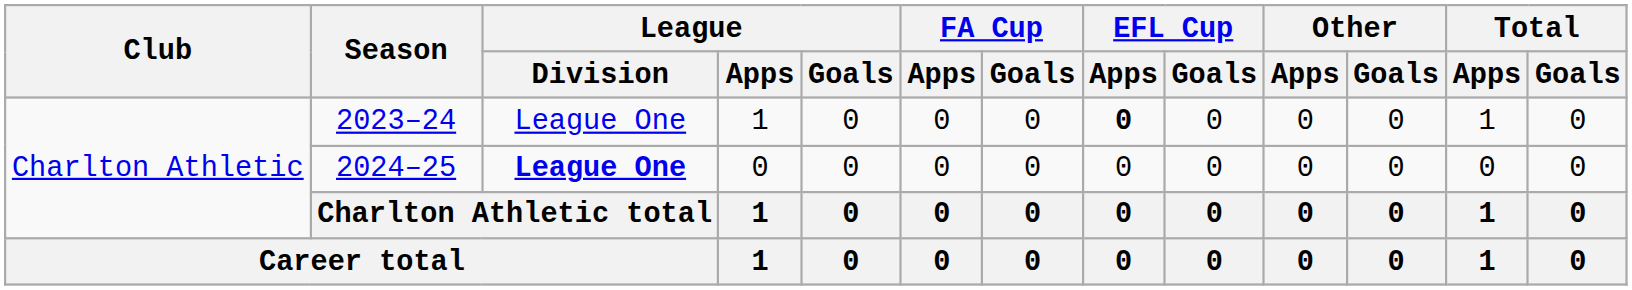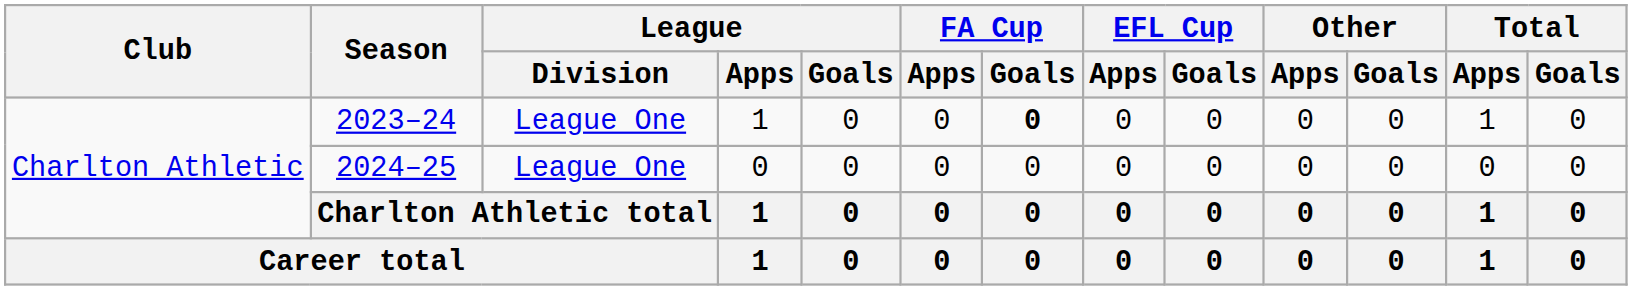 <table class="wikitable" style="text-align:center;">
 <tr>
 <th rowspan="2">Club</th>
 <th rowspan="2">Season</th>
 <th colspan="3">League</th>
 <th colspan="2"><a href='#'>FA Cup</a></th>
 <th colspan="2"><a href='#'>EFL Cup</a></th>
 <th colspan="2">Other</th>
 <th colspan="2">Total</th>
 </tr>
 <tr>
 <th>Division</th>
 <th>Apps</th>
 <th>Goals</th>
 <th>Apps</th>
 <th>Goals</th>
 <th>Apps</th>
 <th>Goals</th>
 <th>Apps</th>
 <th>Goals</th>
 <th>Apps</th>
 <th>Goals</th>
 </tr>
 <tr>
 <td rowspan="3"><a href='#'>Charlton Athletic</a></td>
 <td><a href='#'>2023–24</a></td>
 <td><a href='#'>League One</a></td>
 <td>1</td>
 <td>0</td>
 <td>0</td>
+<td><strong>0</strong></td>
 <td>0</td>
-<td><strong>0</strong></td>
 <td>0</td>
 <td>0</td>
 <td>0</td>
 <td>1</td>
 <td>0</td>
 </tr>
 <tr>
 <td><a href='#'>2024–25</a></td>
-<td><strong><a href='#'>League One</a></strong></td>
+<td><a href='#'>League One</a></td>
 <td>0</td>
 <td>0</td>
 <td>0</td>
 <td>0</td>
 <td>0</td>
 <td>0</td>
 <td>0</td>
 <td>0</td>
 <td>0</td>
 <td>0</td>
 </tr>
 <tr>
 <th colspan=2>Charlton Athletic total</th>
 <th>1</th>
 <th>0</th>
 <th>0</th>
 <th>0</th>
 <th>0</th>
 <th>0</th>
 <th>0</th>
 <th>0</th>
 <th>1</th>
 <th>0</th>
 </tr>
 <tr>
 <th colspan="3">Career total</th>
 <th>1</th>
 <th>0</th>
 <th>0</th>
 <th>0</th>
 <th>0</th>
 <th>0</th>
 <th>0</th>
 <th>0</th>
 <th>1</th>
 <th>0</th>
 </tr>
 </table>
